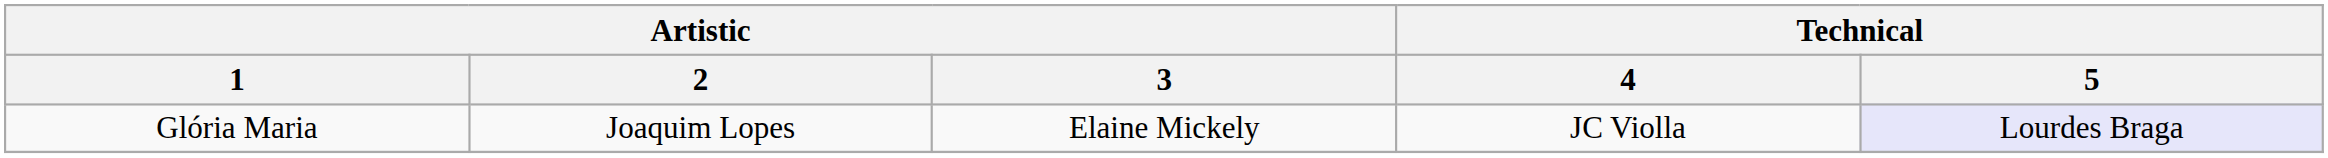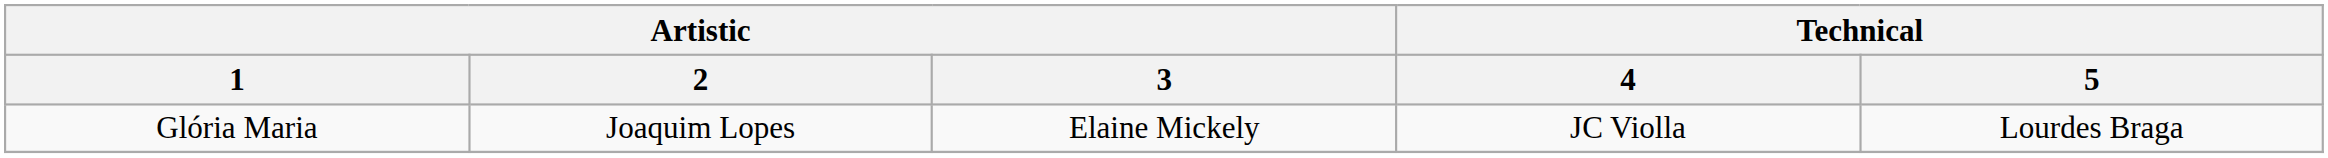 <table class="wikitable" style="font-size:90%; line-height:16px; text-align:center" width="85%">
 <tr>
 <th colspan=3>Artistic</th>
 <th colspan=2>Technical</th>
 </tr>
 <tr>
 <th>1</th>
 <th>2</th>
 <th>3</th>
 <th>4</th>
 <th>5</th>
 </tr>
 <tr>
 <td width=150>Glória Maria</td>
 <td width=150>Joaquim Lopes</td>
 <td width=150>Elaine Mickely</td>
 <td width=150>JC Violla</td>
-<td width=150 style="background: lavender;">Lourdes Braga</td>
+<td width=150>Lourdes Braga</td>
 </tr>
 <tr>
 </tr>
 </table>
